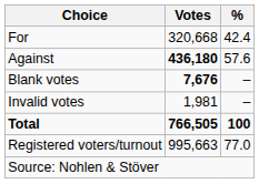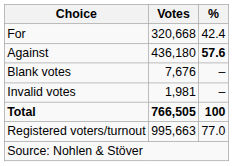 <table class=wikitable style=text-align:right>
 <tr>
 <th>Choice</th>
 <th>Votes</th>
 <th>%</th>
 </tr>
 <tr>
 <td align=left>For</td>
 <td>320,668</td>
 <td>42.4</td>
 </tr>
 <tr>
 <td align=left>Against</td>
-<td><strong>436,180</strong></td>
-<td>57.6</td>
+<td>436,180</td>
+<td><strong>57.6</strong></td>
 </tr>
 <tr>
 <td align=left>Blank votes</td>
-<td><strong>7,676</strong></td>
+<td>7,676</td>
 <td>–</td>
 </tr>
 <tr>
 <td align=left>Invalid votes</td>
 <td>1,981</td>
 <td>–</td>
 </tr>
 <tr>
 <td align=left><strong>Total</strong></td>
 <td><strong>766,505</strong></td>
 <td><strong>100</strong></td>
 </tr>
 <tr>
 <td align=left>Registered voters/turnout</td>
 <td>995,663</td>
 <td>77.0</td>
 </tr>
 <tr>
 <td align=left colspan=3>Source: Nohlen & Stöver</td>
 </tr>
 </table>
